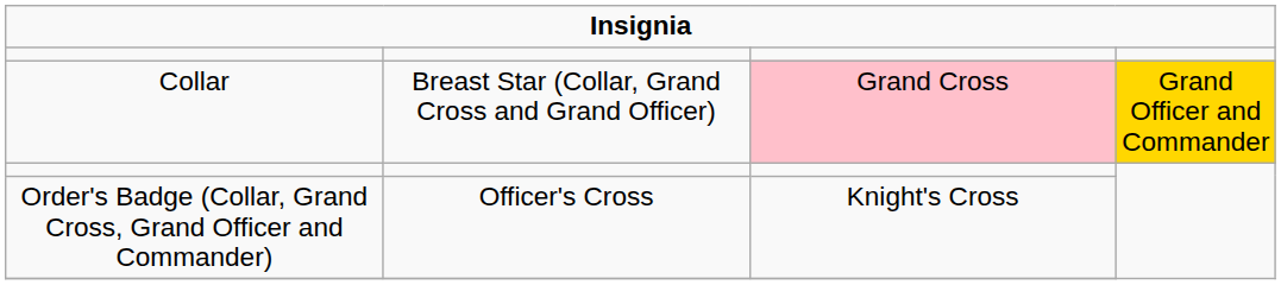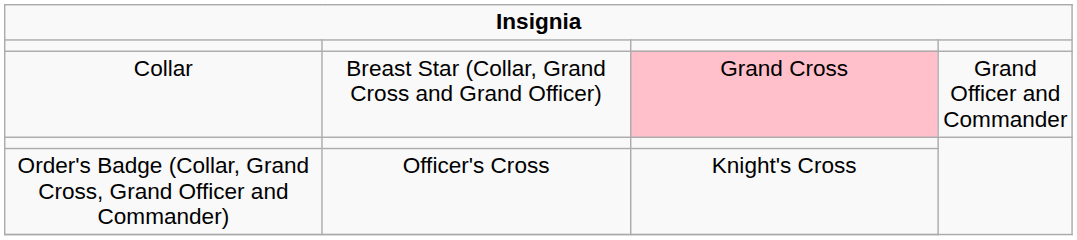 <table align=center class=wikitable width=60%>
 <tr>
 <td colspan=7 align="center"><strong>Insignia</strong></td>
 </tr>
 <tr>
 <td width=33.33% valign=top align=center></td>
 <td width=33.33% valign=top align=center></td>
 <td width=33.33% valign=top align=center></td>
 <td width=33.33% valign=top align=center></td>
 </tr>
 <tr>
 <td width=33.33% valign=top align=center>Collar</td>
 <td width=33.33% valign=top align=center>Breast Star (Collar, Grand Cross and Grand Officer)</td>
 <td width=33.33% valign=top align=center style="background: pink;">Grand Cross</td>
-<td width=33.33% valign=top align=center style="background: gold;">Grand Officer and Commander</td>
+<td width=33.33% valign=top align=center>Grand Officer and Commander</td>
 </tr>
 <tr>
 <td width=33.33% valign=top align=center></td>
 <td width=33.33% valign=top align=center></td>
 <td width=33.33% valign=top align=center></td>
 </tr>
 <tr>
 <td width=33.33% valign=top align=center>Order's Badge (Collar, Grand Cross, Grand Officer and Commander)</td>
 <td width=33.33% valign=top align=center>Officer's Cross</td>
 <td width=33.33% valign=top align=center>Knight's Cross</td>
 </tr>
 <tr>
 </tr>
 </table>
